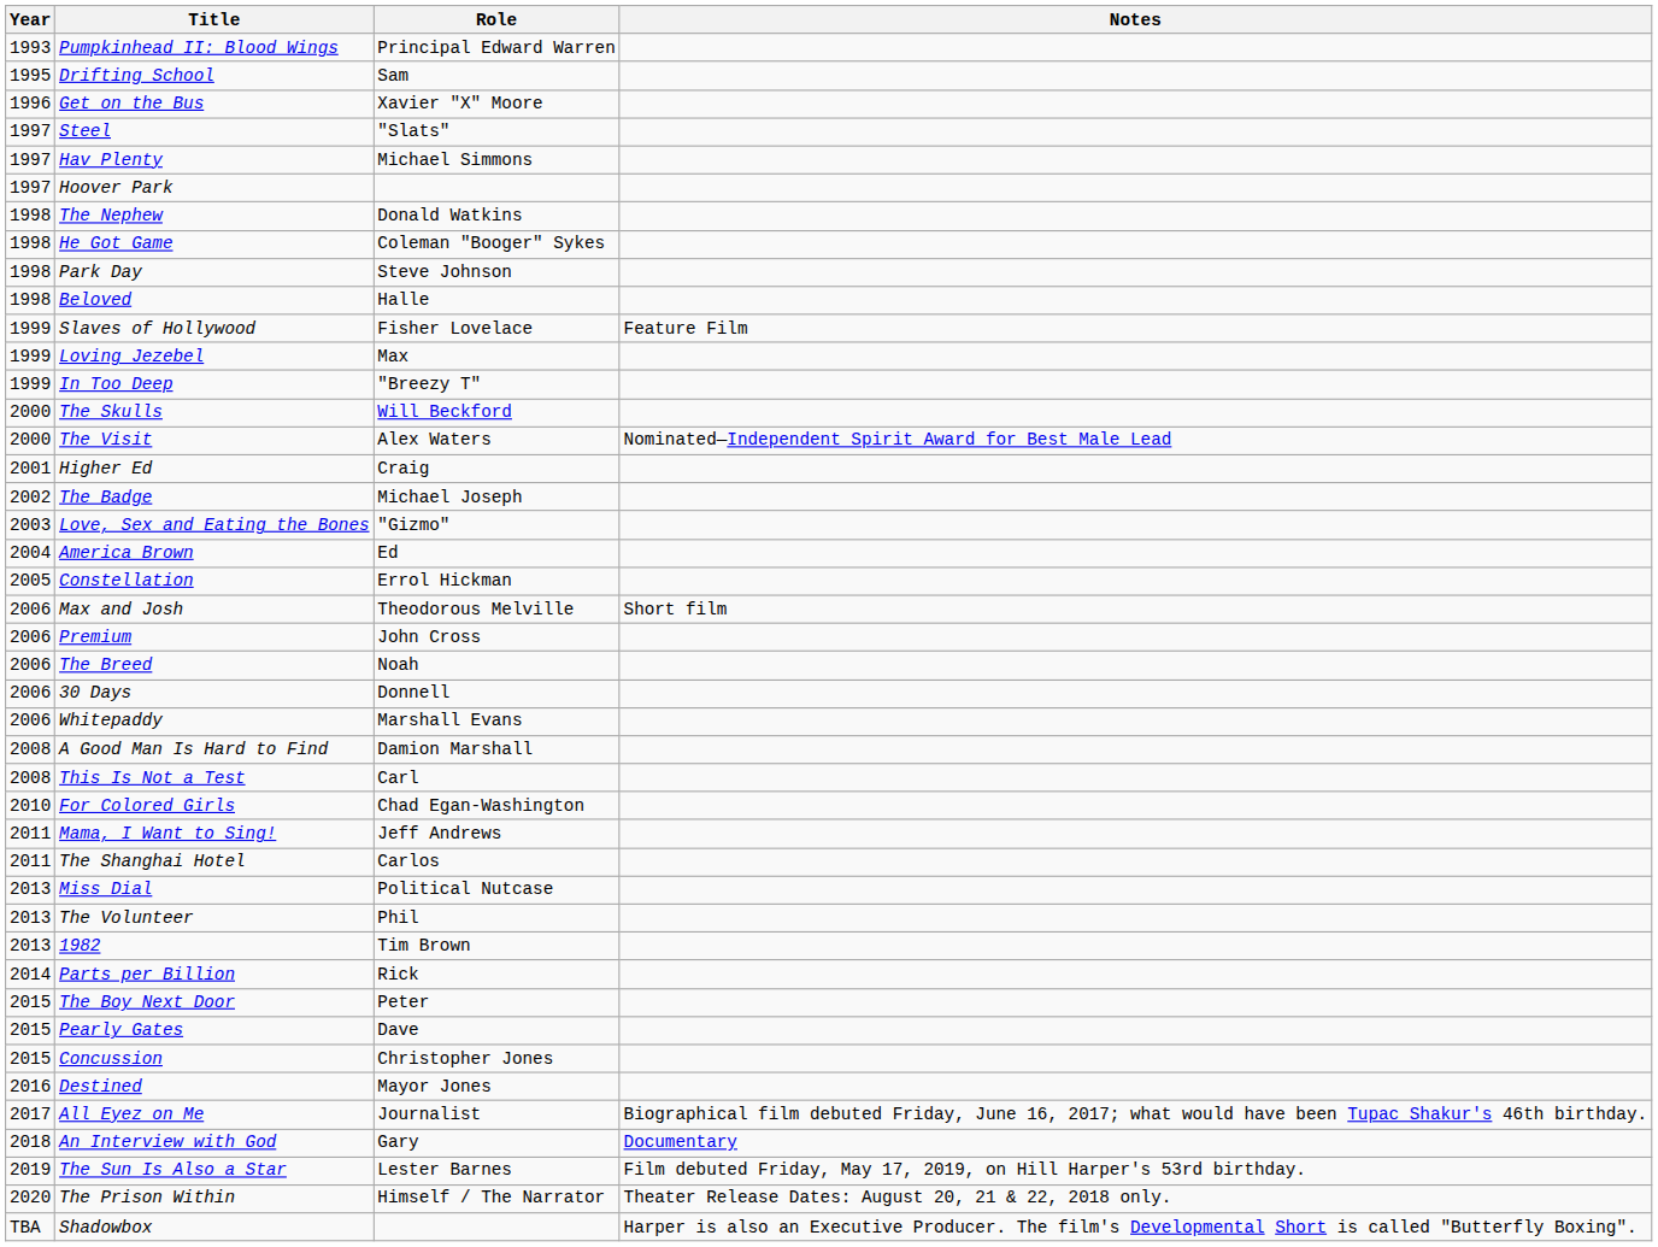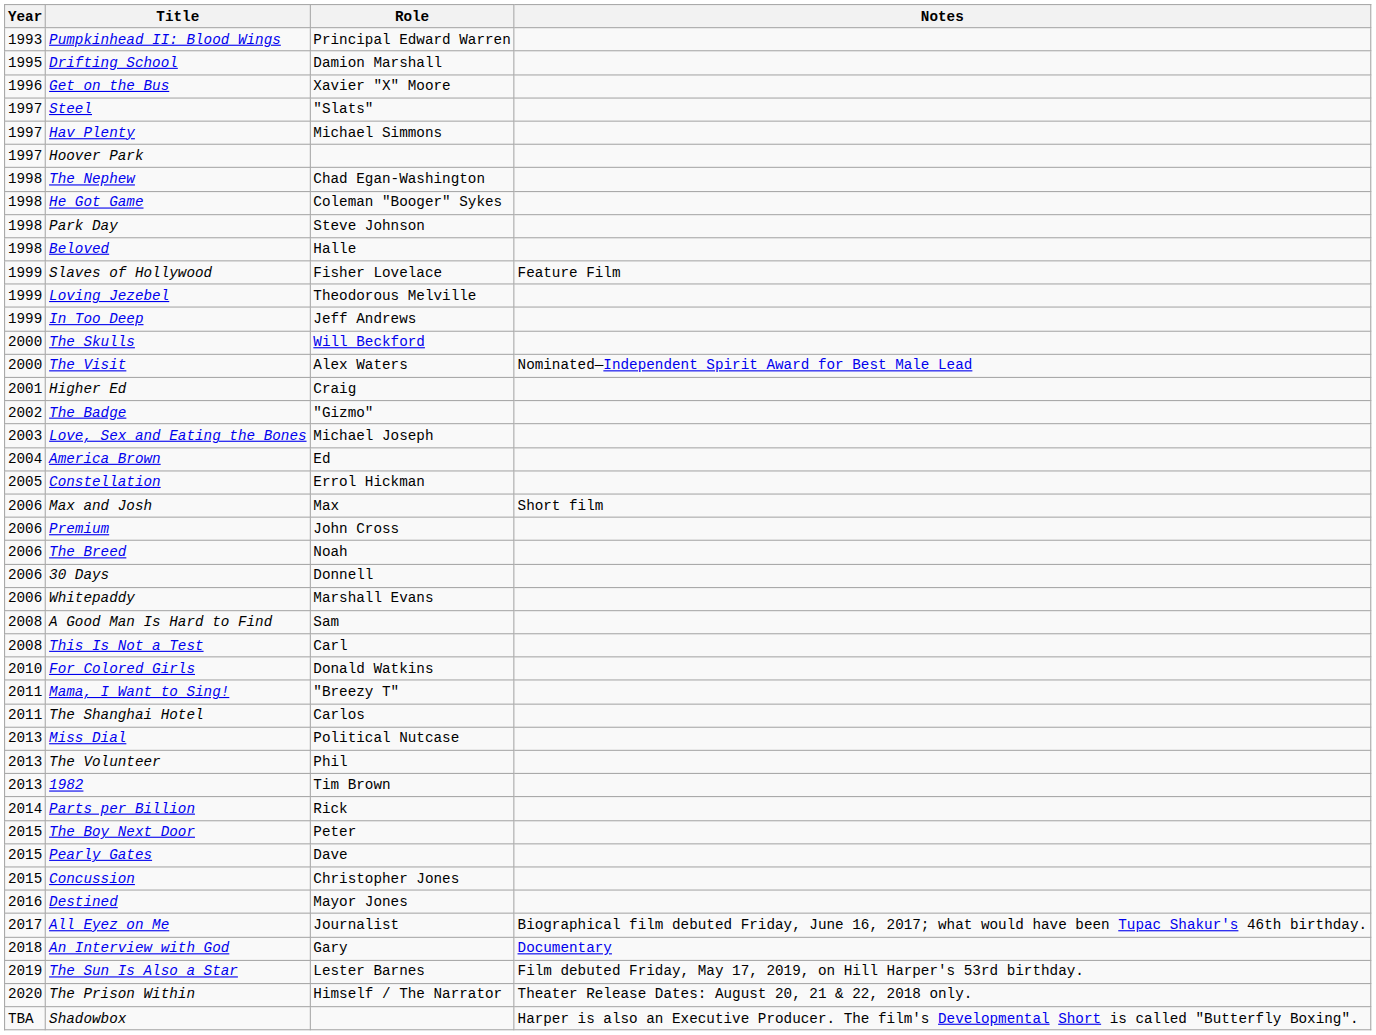 <table class="wikitable sortable">
 <tr>
 <th>Year</th>
 <th>Title</th>
 <th>Role</th>
 <th>Notes</th>
 </tr>
 <tr>
 <td>1993</td>
 <td><em><a href='#'>Pumpkinhead II: Blood Wings</a></em></td>
 <td>Principal Edward Warren</td>
 <td></td>
 </tr>
 <tr>
 <td>1995</td>
 <td><em><a href='#'>Drifting School</a></em></td>
-<td>Sam</td>
+<td>Damion Marshall</td>
 <td></td>
 </tr>
 <tr>
 <td>1996</td>
 <td><em><a href='#'>Get on the Bus</a></em></td>
 <td>Xavier "X" Moore</td>
 <td></td>
 </tr>
 <tr>
 <td>1997</td>
 <td><em><a href='#'>Steel</a></em></td>
 <td>"Slats"</td>
 <td></td>
 </tr>
 <tr>
 <td>1997</td>
 <td><em><a href='#'>Hav Plenty</a></em></td>
 <td>Michael Simmons</td>
 <td></td>
 </tr>
 <tr>
 <td>1997</td>
 <td><em>Hoover Park</em></td>
 <td></td>
 <td></td>
 </tr>
 <tr>
 <td>1998</td>
 <td><em><a href='#'>The Nephew</a></em></td>
-<td>Donald Watkins</td>
+<td>Chad Egan-Washington</td>
 <td></td>
 </tr>
 <tr>
 <td>1998</td>
 <td><em><a href='#'>He Got Game</a></em></td>
 <td>Coleman "Booger" Sykes</td>
 <td></td>
 </tr>
 <tr>
 <td>1998</td>
 <td><em>Park Day</em></td>
 <td>Steve Johnson</td>
 <td></td>
 </tr>
 <tr>
 <td>1998</td>
 <td><em><a href='#'>Beloved</a></em></td>
 <td>Halle</td>
 <td></td>
 </tr>
 <tr>
 <td>1999</td>
 <td><em>Slaves of Hollywood</em></td>
 <td>Fisher Lovelace</td>
 <td>Feature Film</td>
 </tr>
 <tr>
 <td>1999</td>
 <td><em><a href='#'>Loving Jezebel</a></em></td>
-<td>Max</td>
+<td>Theodorous Melville</td>
 <td></td>
 </tr>
 <tr>
 <td>1999</td>
 <td><em><a href='#'>In Too Deep</a></em></td>
-<td>"Breezy T"</td>
+<td>Jeff Andrews</td>
 <td></td>
 </tr>
 <tr>
 <td>2000</td>
 <td><em><a href='#'>The Skulls</a></em></td>
 <td><a href='#'>Will Beckford</a></td>
 <td></td>
 </tr>
 <tr>
 <td>2000</td>
 <td><em><a href='#'>The Visit</a></em></td>
 <td>Alex Waters</td>
 <td>Nominated—<a href='#'>Independent Spirit Award for Best Male Lead</a></td>
 </tr>
 <tr>
 <td>2001</td>
 <td><em>Higher Ed</em></td>
 <td>Craig</td>
 <td></td>
 </tr>
 <tr>
 <td>2002</td>
 <td><em><a href='#'>The Badge</a></em></td>
-<td>Michael Joseph</td>
+<td>"Gizmo"</td>
 <td></td>
 </tr>
 <tr>
 <td>2003</td>
 <td><em><a href='#'>Love, Sex and Eating the Bones</a></em></td>
-<td>"Gizmo"</td>
+<td>Michael Joseph</td>
 <td></td>
 </tr>
 <tr>
 <td>2004</td>
 <td><em><a href='#'>America Brown</a></em></td>
 <td>Ed</td>
 <td></td>
 </tr>
 <tr>
 <td>2005</td>
 <td><em><a href='#'>Constellation</a></em></td>
 <td>Errol Hickman</td>
 <td></td>
 </tr>
 <tr>
 <td>2006</td>
 <td><em>Max and Josh</em></td>
-<td>Theodorous Melville</td>
+<td>Max</td>
 <td>Short film</td>
 </tr>
 <tr>
 <td>2006</td>
 <td><em><a href='#'>Premium</a></em></td>
 <td>John Cross</td>
 <td></td>
 </tr>
 <tr>
 <td>2006</td>
 <td><em><a href='#'>The Breed</a></em></td>
 <td>Noah</td>
 <td></td>
 </tr>
 <tr>
 <td>2006</td>
 <td><em>30 Days</em></td>
 <td>Donnell</td>
 <td></td>
 </tr>
 <tr>
 <td>2006</td>
 <td><em>Whitepaddy</em></td>
 <td>Marshall Evans</td>
 <td></td>
 </tr>
 <tr>
 <td>2008</td>
 <td><em>A Good Man Is Hard to Find</em></td>
-<td>Damion Marshall</td>
+<td>Sam</td>
 <td></td>
 </tr>
 <tr>
 <td>2008</td>
 <td><em><a href='#'>This Is Not a Test</a></em></td>
 <td>Carl</td>
 <td></td>
 </tr>
 <tr>
 <td>2010</td>
 <td><em><a href='#'>For Colored Girls</a></em></td>
-<td>Chad Egan-Washington</td>
+<td>Donald Watkins</td>
 <td></td>
 </tr>
 <tr>
 <td>2011</td>
 <td><em><a href='#'>Mama, I Want to Sing!</a></em></td>
-<td>Jeff Andrews</td>
+<td>"Breezy T"</td>
 <td></td>
 </tr>
 <tr>
 <td>2011</td>
 <td><em>The Shanghai Hotel</em></td>
 <td>Carlos</td>
 <td></td>
 </tr>
 <tr>
 <td>2013</td>
 <td><em><a href='#'>Miss Dial</a></em></td>
 <td>Political Nutcase</td>
 <td></td>
 </tr>
 <tr>
 <td>2013</td>
 <td><em> The Volunteer</em></td>
 <td>Phil</td>
 <td></td>
 </tr>
 <tr>
 <td>2013</td>
 <td><em><a href='#'>1982</a></em></td>
 <td>Tim Brown</td>
 <td></td>
 </tr>
 <tr>
 <td>2014</td>
 <td><em><a href='#'>Parts per Billion</a></em></td>
 <td>Rick</td>
 <td></td>
 </tr>
 <tr>
 <td>2015</td>
 <td><em><a href='#'>The Boy Next Door</a></em></td>
 <td>Peter</td>
 <td></td>
 </tr>
 <tr>
 <td>2015</td>
 <td><em><a href='#'>Pearly Gates</a></em></td>
 <td>Dave</td>
 <td></td>
 </tr>
 <tr>
 <td>2015</td>
 <td><em><a href='#'>Concussion</a></em></td>
 <td>Christopher Jones</td>
 <td></td>
 </tr>
 <tr>
 <td>2016</td>
 <td><em><a href='#'>Destined</a></em></td>
 <td>Mayor Jones</td>
 <td></td>
 </tr>
 <tr>
 <td>2017</td>
 <td><em><a href='#'>All Eyez on Me</a></em></td>
 <td>Journalist</td>
 <td>Biographical film debuted Friday, June 16, 2017; what would have been <a href='#'> Tupac Shakur's</a> 46th birthday.</td>
 </tr>
 <tr>
 <td>2018</td>
 <td><em><a href='#'>An Interview with God</a></em></td>
 <td>Gary</td>
 <td><a href='#'>Documentary</a></td>
 </tr>
 <tr>
 <td>2019</td>
 <td><em><a href='#'>The Sun Is Also a Star</a></em></td>
 <td>Lester Barnes</td>
 <td>Film debuted Friday, May 17, 2019, on Hill Harper's 53rd birthday.</td>
 </tr>
 <tr>
 <td>2020</td>
 <td><em>The Prison Within</em></td>
 <td>Himself / The Narrator</td>
 <td>Theater Release Dates: August 20, 21 & 22, 2018 only.</td>
 </tr>
 <tr>
 <td>TBA</td>
 <td><em>Shadowbox</em></td>
 <td></td>
 <td>Harper is also an Executive Producer. The film's <a href='#'>Developmental</a> <a href='#'>Short</a> is called "Butterfly Boxing".</td>
 </tr>
 </table>
